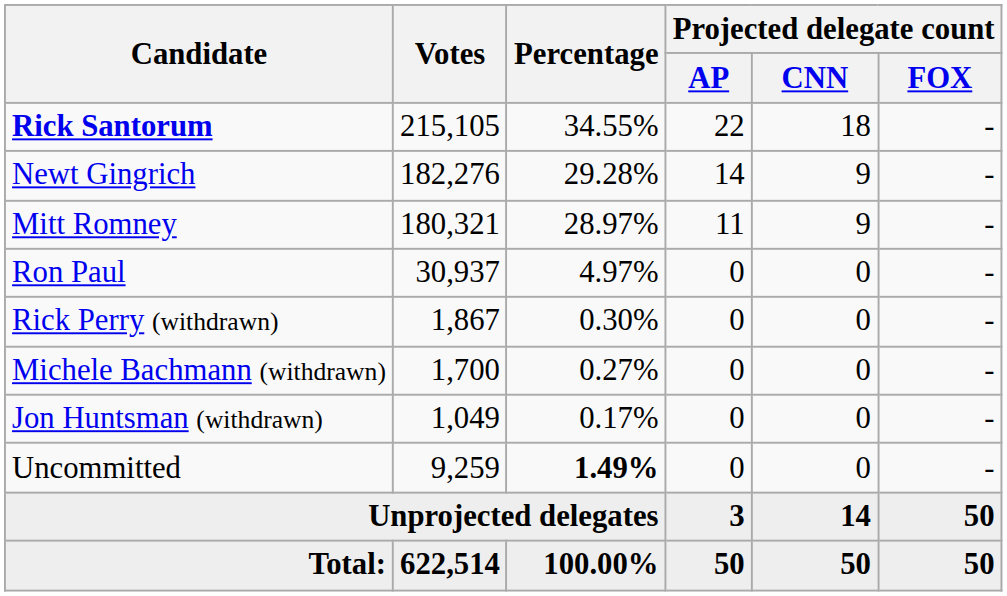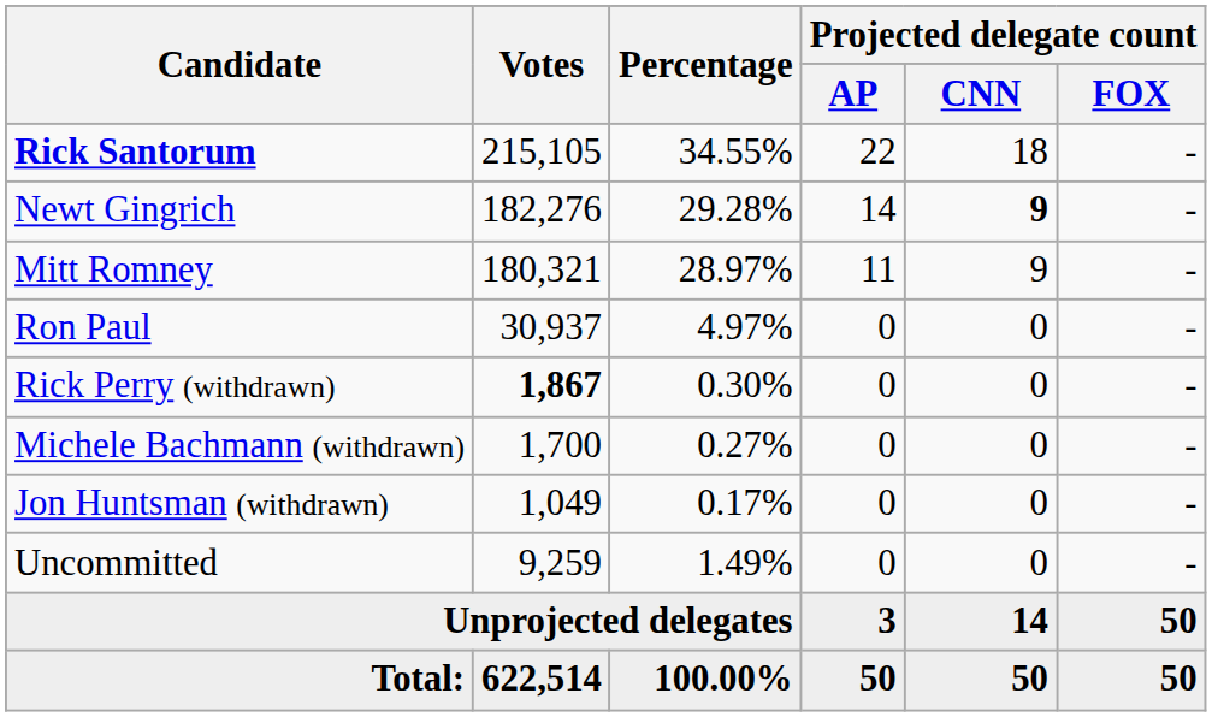 <table class="wikitable" style="text-align:right;">
 <tr>
 <th rowspan="2">Candidate</th>
 <th rowspan="2">Votes</th>
 <th rowspan="2">Percentage</th>
 <th colspan="3">Projected delegate count</th>
 </tr>
 <tr>
 <th><a href='#'>AP</a><br></th>
 <th><a href='#'>CNN</a><br></th>
 <th><a href='#'>FOX</a></th>
 </tr>
 <tr>
 <td align="left"><strong><a href='#'>Rick Santorum</a></strong></td>
 <td>215,105</td>
 <td>34.55%</td>
 <td>22</td>
 <td>18</td>
 <td>-</td>
 </tr>
 <tr>
 <td align="left"><a href='#'>Newt Gingrich</a></td>
 <td>182,276</td>
 <td>29.28%</td>
 <td>14</td>
-<td>9</td>
+<td><strong>9</strong></td>
 <td>-</td>
 </tr>
 <tr>
 <td align="left"><a href='#'>Mitt Romney</a></td>
 <td>180,321</td>
 <td>28.97%</td>
 <td>11</td>
 <td>9</td>
 <td>-</td>
 </tr>
 <tr>
 <td align="left"><a href='#'>Ron Paul</a></td>
 <td>30,937</td>
 <td>4.97%</td>
 <td>0</td>
 <td>0</td>
 <td>-</td>
 </tr>
 <tr>
 <td align="left"><a href='#'>Rick Perry</a> <small>(withdrawn)</small></td>
-<td>1,867</td>
+<td><strong>1,867</strong></td>
 <td>0.30%</td>
 <td>0</td>
 <td>0</td>
 <td>-</td>
 </tr>
 <tr>
 <td align="left"><a href='#'>Michele Bachmann</a> <small>(withdrawn)</small></td>
 <td>1,700</td>
 <td>0.27%</td>
 <td>0</td>
 <td>0</td>
 <td>-</td>
 </tr>
 <tr>
 <td align="left"><a href='#'>Jon Huntsman</a> <small>(withdrawn)</small></td>
 <td>1,049</td>
 <td>0.17%</td>
 <td>0</td>
 <td>0</td>
 <td>-</td>
 </tr>
 <tr>
 <td align="left">Uncommitted</td>
 <td>9,259</td>
-<td><strong>1.49%</strong></td>
+<td>1.49%</td>
 <td>0</td>
 <td>0</td>
 <td>-</td>
 </tr>
 <tr bgcolor="#eeeeee">
 <td colspan="3"><strong>Unprojected delegates</strong></td>
 <td><strong>3</strong></td>
 <td><strong>14</strong></td>
 <td><strong>50</strong></td>
 </tr>
 <tr bgcolor="#eeeeee">
 <td><strong>Total:</strong></td>
 <td><strong>622,514</strong></td>
 <td><strong>100.00%</strong></td>
 <td><strong>50</strong></td>
 <td><strong>50</strong></td>
 <td><strong>50</strong></td>
 </tr>
 </table>
